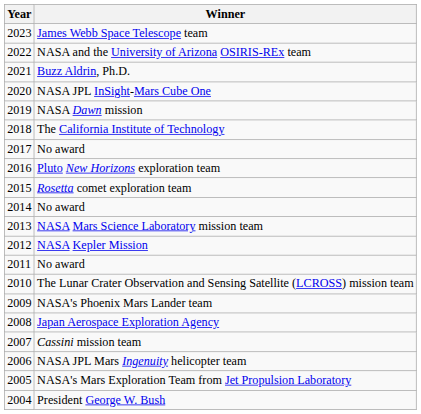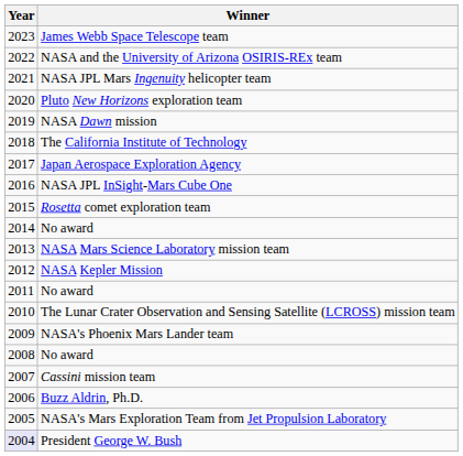 <table class="wikitable">
 <tr>
 <th>Year</th>
 <th>Winner</th>
 </tr>
 <tr>
 <td>2023</td>
 <td><a href='#'>James Webb Space Telescope</a> team</td>
 </tr>
 <tr>
 <td>2022</td>
 <td>NASA and the <a href='#'>University of Arizona</a> <a href='#'>OSIRIS-REx</a> team</td>
 </tr>
 <tr>
 <td>2021</td>
-<td><a href='#'>Buzz Aldrin</a>, Ph.D.</td>
+<td>NASA JPL Mars <em><a href='#'>Ingenuity</a></em> helicopter team</td>
 </tr>
 <tr>
 <td>2020</td>
-<td>NASA JPL <a href='#'>InSight</a>-<a href='#'>Mars Cube One</a></td>
+<td><a href='#'>Pluto</a> <em><a href='#'>New Horizons</a></em> exploration team</td>
 </tr>
 <tr>
 <td>2019</td>
 <td>NASA <em><a href='#'>Dawn</a></em> mission</td>
 </tr>
 <tr>
 <td>2018</td>
 <td>The <a href='#'>California Institute of Technology</a></td>
 </tr>
 <tr>
 <td>2017</td>
-<td>No award</td>
+<td><a href='#'>Japan Aerospace Exploration Agency</a></td>
 </tr>
 <tr>
 <td>2016</td>
-<td><a href='#'>Pluto</a> <em><a href='#'>New Horizons</a></em> exploration team</td>
+<td>NASA JPL <a href='#'>InSight</a>-<a href='#'>Mars Cube One</a></td>
 </tr>
 <tr>
 <td>2015</td>
 <td><em><a href='#'>Rosetta</a></em> comet exploration team</td>
 </tr>
 <tr>
 <td>2014</td>
 <td>No award</td>
 </tr>
 <tr>
 <td>2013</td>
 <td><a href='#'>NASA</a> <a href='#'>Mars Science Laboratory</a> mission team</td>
 </tr>
 <tr>
 <td>2012</td>
 <td><a href='#'>NASA</a> <a href='#'>Kepler Mission</a></td>
 </tr>
 <tr>
 <td>2011</td>
 <td>No award</td>
 </tr>
 <tr>
 <td>2010</td>
 <td>The Lunar Crater Observation and Sensing Satellite (<a href='#'>LCROSS</a>) mission team</td>
 </tr>
 <tr>
 <td>2009</td>
 <td>NASA's Phoenix Mars Lander team</td>
 </tr>
 <tr>
 <td>2008</td>
-<td><a href='#'>Japan Aerospace Exploration Agency</a></td>
+<td>No award</td>
 </tr>
 <tr>
 <td>2007</td>
 <td><em>Cassini</em> mission team</td>
 </tr>
 <tr>
 <td>2006</td>
-<td>NASA JPL Mars <em><a href='#'>Ingenuity</a></em> helicopter team</td>
+<td><a href='#'>Buzz Aldrin</a>, Ph.D.</td>
 </tr>
 <tr>
 <td>2005</td>
 <td>NASA's Mars Exploration Team from <a href='#'>Jet Propulsion Laboratory</a></td>
 </tr>
 <tr>
-<td>2004</td>
+<td style="background: lavender;">2004</td>
 <td>President <a href='#'>George W. Bush</a></td>
 </tr>
 </table>
